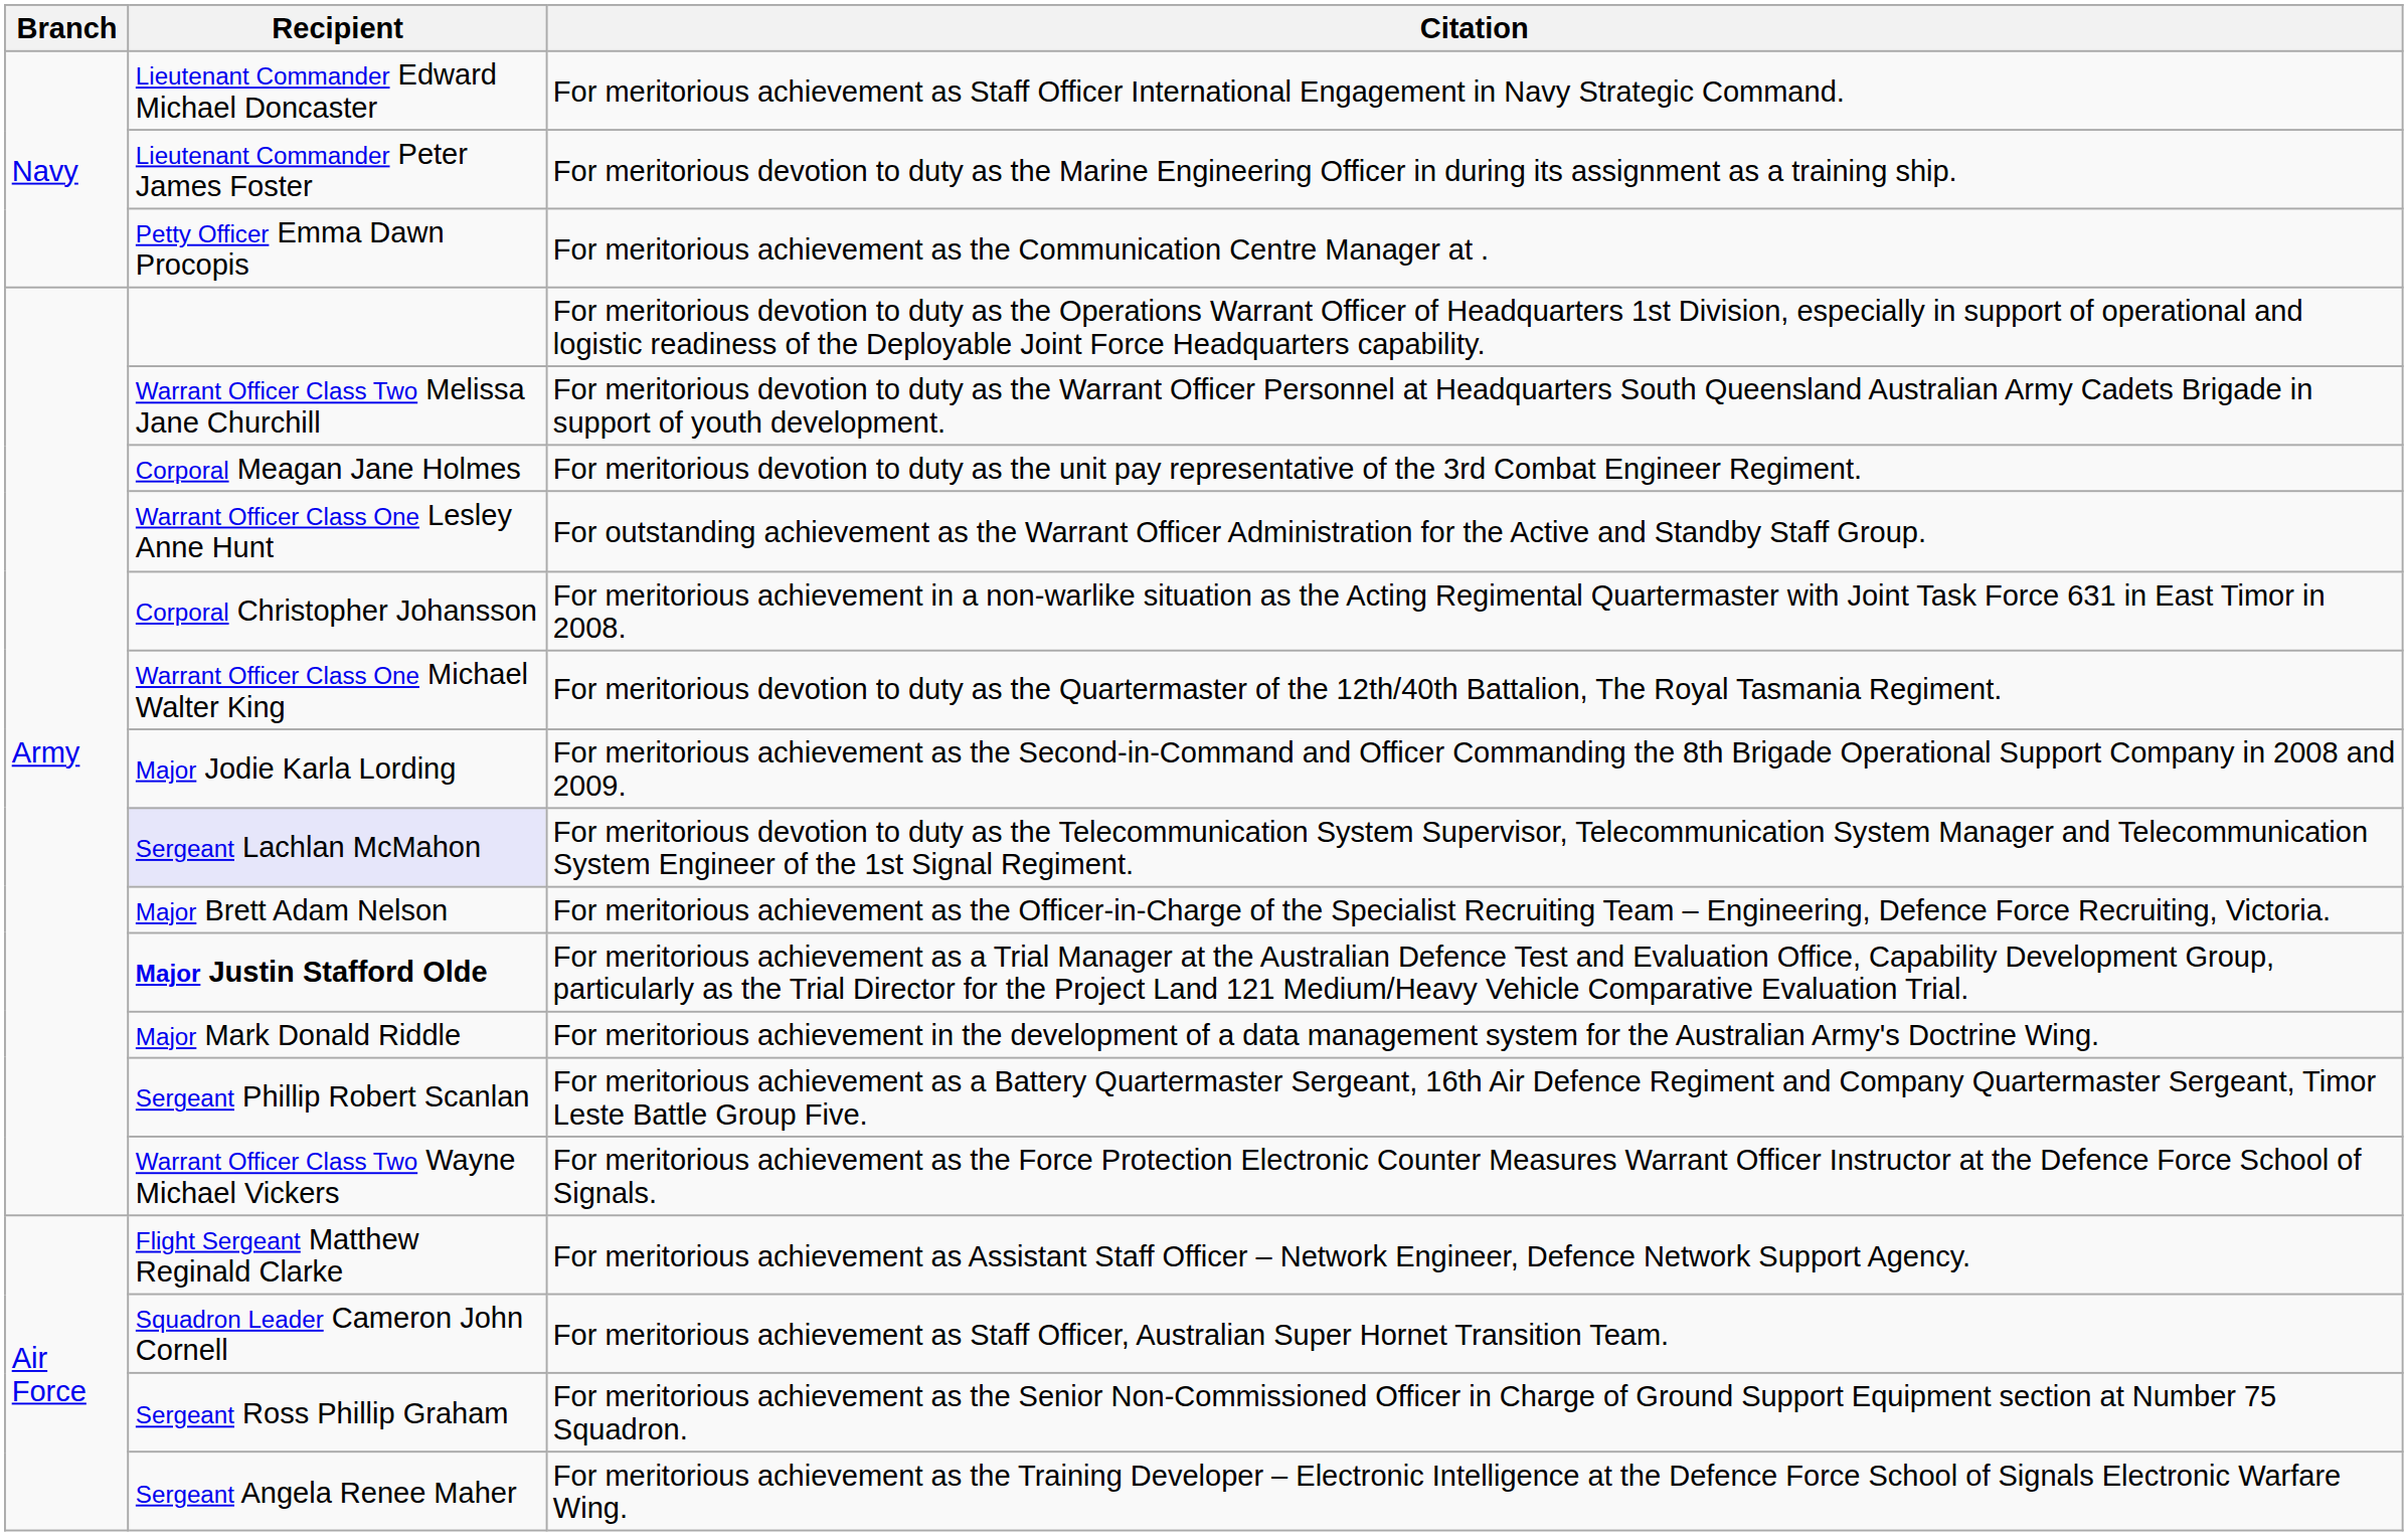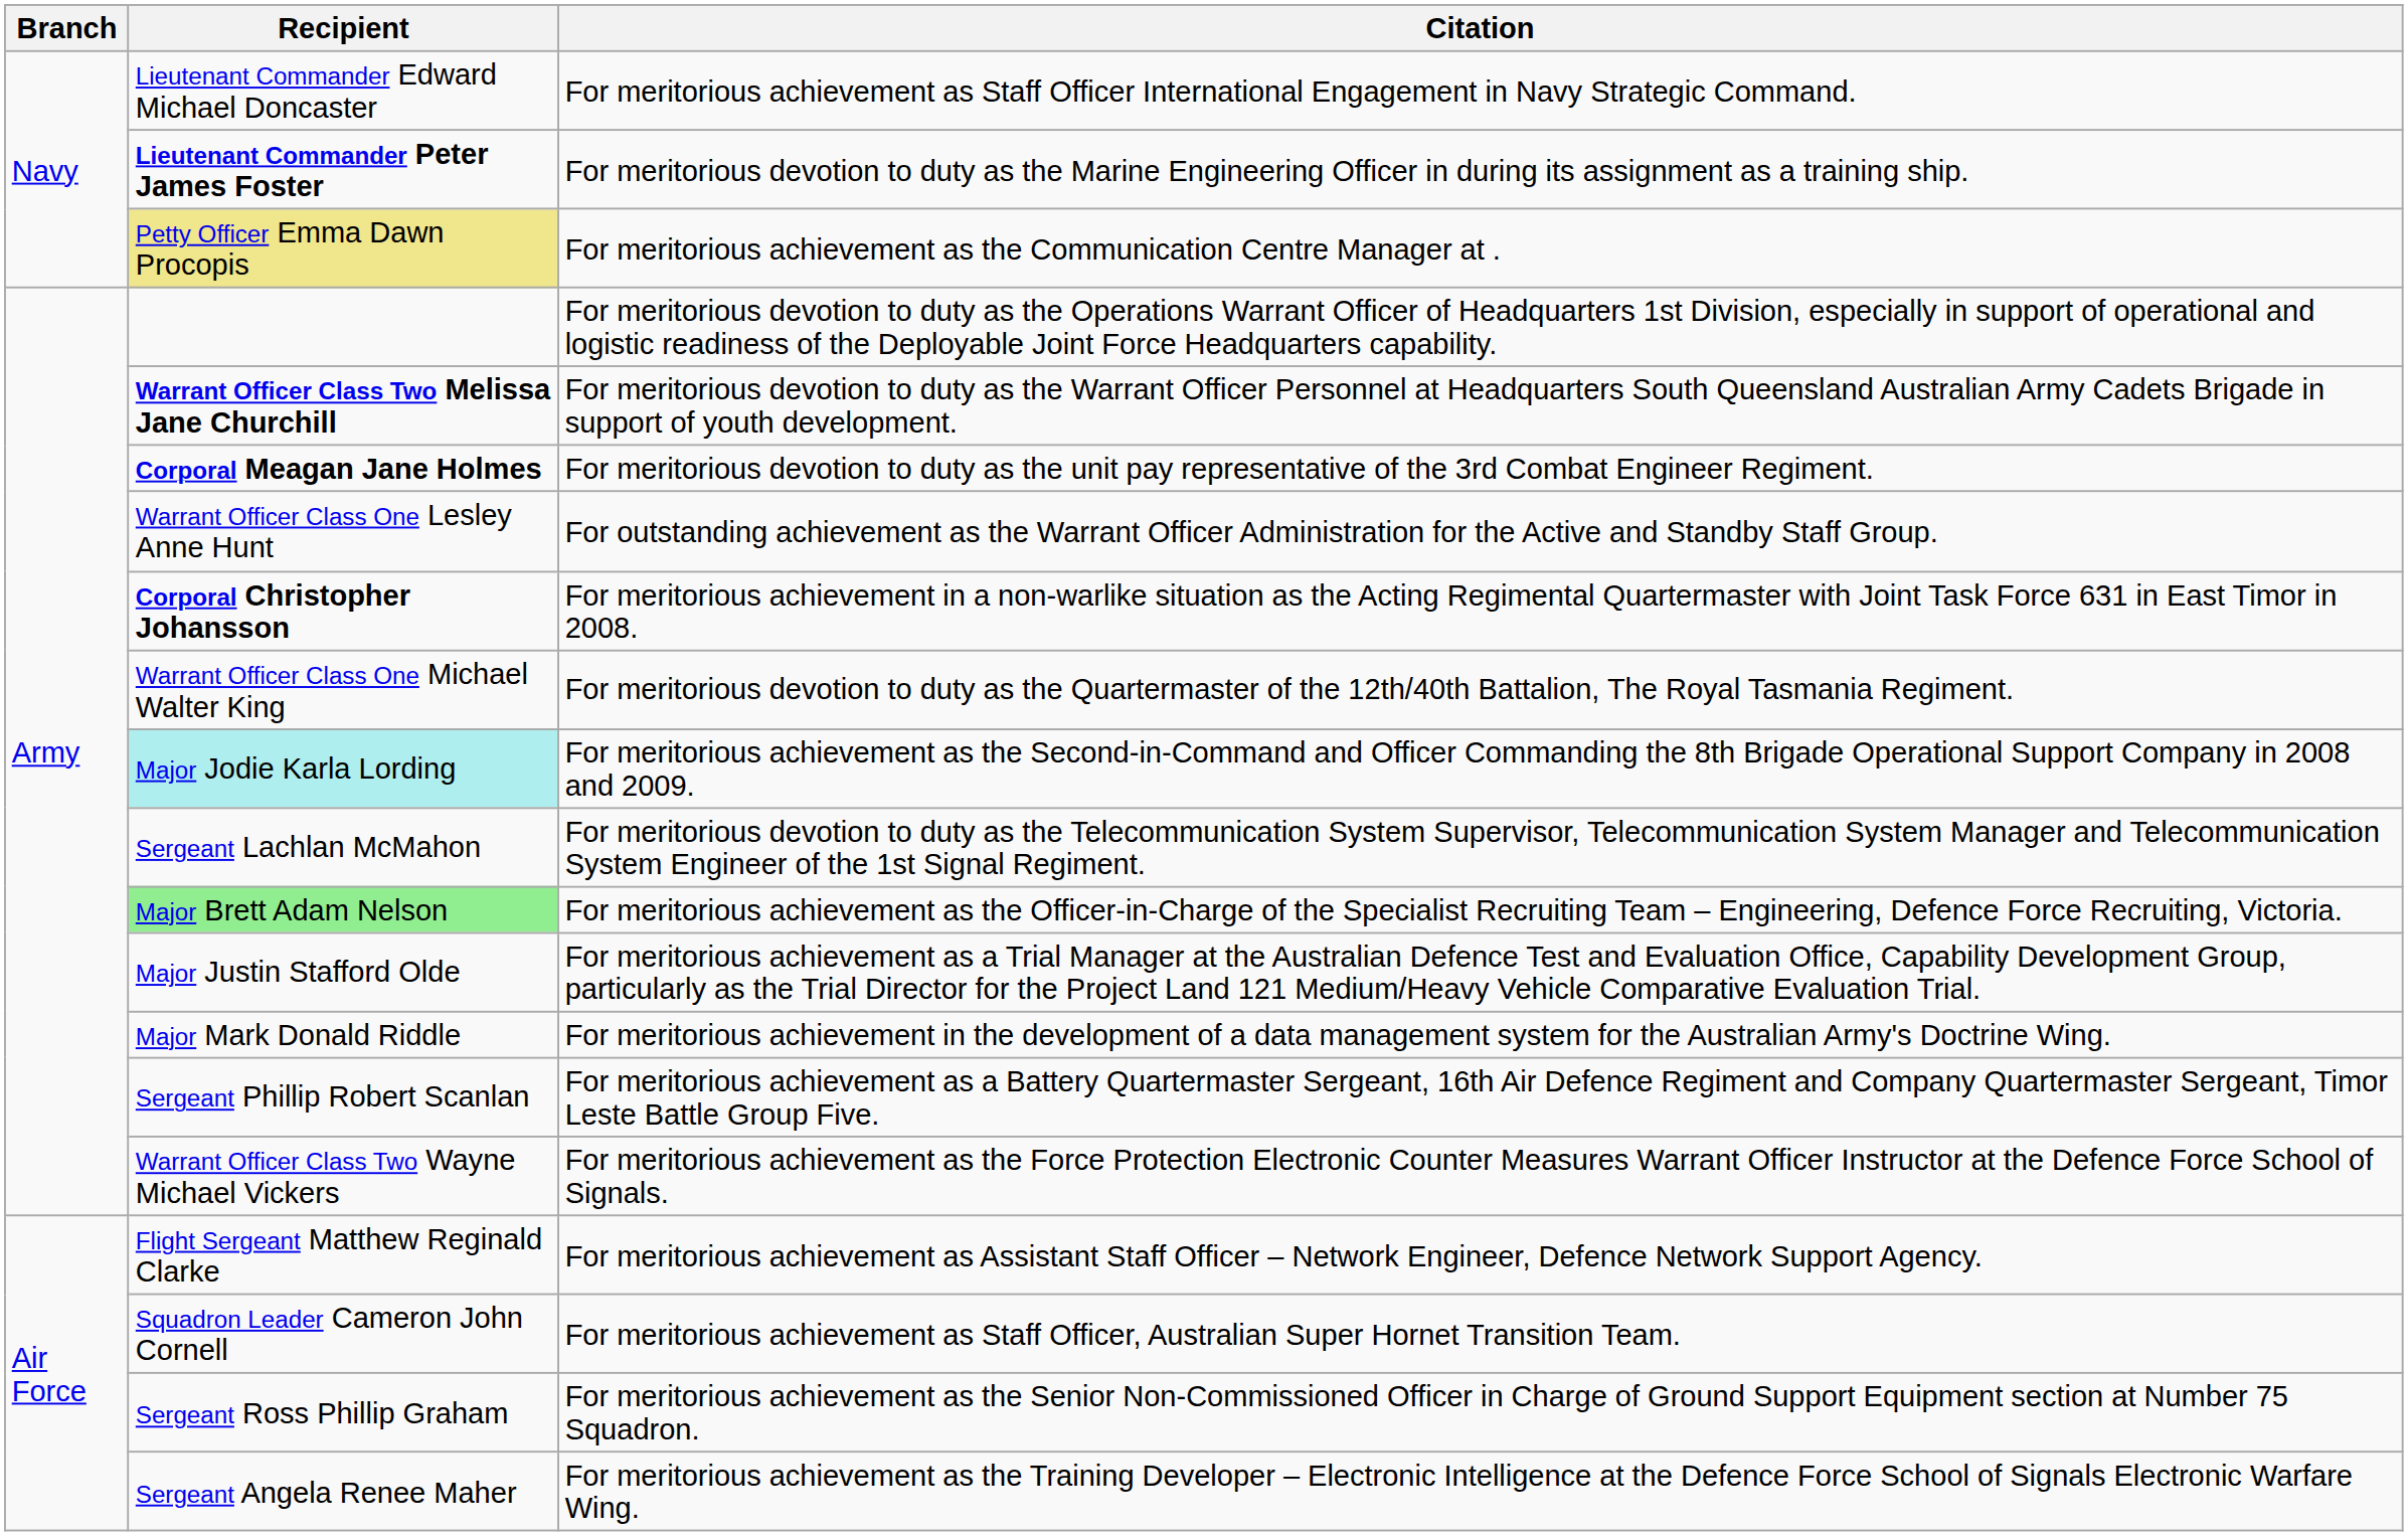 <table class="wikitable" style="font-size:95%;">
 <tr>
 <th>Branch</th>
 <th>Recipient</th>
 <th>Citation</th>
 </tr>
 <tr>
 <td rowspan="3"><a href='#'>Navy</a></td>
 <td><small><a href='#'>Lieutenant Commander</a></small> Edward Michael Doncaster </td>
 <td>For meritorious achievement as Staff Officer International Engagement in Navy Strategic Command.</td>
 </tr>
 <tr>
-<td><small><a href='#'>Lieutenant Commander</a></small> Peter James Foster </td>
+<td><strong><small><a href='#'>Lieutenant Commander</a></small> Peter James Foster </strong></td>
 <td>For meritorious devotion to duty as the Marine Engineering Officer in  during its assignment as a training ship.</td>
 </tr>
 <tr>
-<td><small><a href='#'>Petty Officer</a></small> Emma Dawn Procopis</td>
+<td style="background: khaki;"><small><a href='#'>Petty Officer</a></small> Emma Dawn Procopis</td>
 <td>For meritorious achievement as the Communication Centre Manager at .</td>
 </tr>
 <tr>
 <td rowspan="13"><a href='#'>Army</a></td>
 <td></td>
 <td>For meritorious devotion to duty as the Operations Warrant Officer of Headquarters 1st Division, especially in support of operational and logistic readiness of the Deployable Joint Force Headquarters capability.</td>
 </tr>
 <tr>
-<td><small><a href='#'>Warrant Officer Class Two</a></small> Melissa Jane Churchill</td>
+<td><strong><small><a href='#'>Warrant Officer Class Two</a></small> Melissa Jane Churchill</strong></td>
 <td>For meritorious devotion to duty as the Warrant Officer Personnel at Headquarters South Queensland Australian Army Cadets Brigade in support of youth development.</td>
 </tr>
 <tr>
-<td><small><a href='#'>Corporal</a></small> Meagan Jane Holmes</td>
+<td><strong><small><a href='#'>Corporal</a></small> Meagan Jane Holmes</strong></td>
 <td>For meritorious devotion to duty as the unit pay representative of the 3rd Combat Engineer Regiment.</td>
 </tr>
 <tr>
 <td><small><a href='#'>Warrant Officer Class One</a></small> Lesley Anne Hunt</td>
 <td>For outstanding achievement as the Warrant Officer Administration for the Active and Standby Staff Group.</td>
 </tr>
 <tr>
-<td><small><a href='#'>Corporal</a></small> Christopher Johansson</td>
+<td><strong><small><a href='#'>Corporal</a></small> Christopher Johansson</strong></td>
 <td>For meritorious achievement in a non-warlike situation as the Acting Regimental Quartermaster with Joint Task Force 631 in East Timor in 2008.</td>
 </tr>
 <tr>
 <td><small><a href='#'>Warrant Officer Class One</a></small> Michael Walter King</td>
 <td>For meritorious devotion to duty as the Quartermaster of the 12th/40th Battalion, The Royal Tasmania Regiment.</td>
 </tr>
 <tr>
-<td><small><a href='#'>Major</a></small> Jodie Karla Lording</td>
+<td style="background: paleturquoise;"><small><a href='#'>Major</a></small> Jodie Karla Lording</td>
 <td>For meritorious achievement as the Second-in-Command and Officer Commanding the 8th Brigade Operational Support Company in 2008 and 2009.</td>
 </tr>
 <tr>
-<td style="background: lavender;"><small><a href='#'>Sergeant</a></small> Lachlan McMahon</td>
+<td><small><a href='#'>Sergeant</a></small> Lachlan McMahon</td>
 <td>For meritorious devotion to duty as the Telecommunication System Supervisor, Telecommunication System Manager and Telecommunication System Engineer of the 1st Signal Regiment.</td>
 </tr>
 <tr>
-<td><small><a href='#'>Major</a></small> Brett Adam Nelson</td>
+<td style="background: lightgreen;"><small><a href='#'>Major</a></small> Brett Adam Nelson</td>
 <td>For meritorious achievement as the Officer-in-Charge of the Specialist Recruiting Team – Engineering, Defence Force Recruiting, Victoria.</td>
 </tr>
 <tr>
-<td><strong><small><a href='#'>Major</a></small> Justin Stafford Olde</strong></td>
+<td><small><a href='#'>Major</a></small> Justin Stafford Olde</td>
 <td>For meritorious achievement as a Trial Manager at the Australian Defence Test and Evaluation Office, Capability Development Group, particularly as the Trial Director for the Project Land 121 Medium/Heavy Vehicle Comparative Evaluation Trial.</td>
 </tr>
 <tr>
 <td><small><a href='#'>Major</a></small> Mark Donald Riddle</td>
 <td>For meritorious achievement in the development of a data management system for the Australian Army's Doctrine Wing.</td>
 </tr>
 <tr>
 <td><small><a href='#'>Sergeant</a></small> Phillip Robert Scanlan</td>
 <td>For meritorious achievement as a Battery Quartermaster Sergeant, 16th Air Defence Regiment and Company Quartermaster Sergeant, Timor Leste Battle Group Five.</td>
 </tr>
 <tr>
 <td><small><a href='#'>Warrant Officer Class Two</a></small> Wayne Michael Vickers</td>
 <td>For meritorious achievement as the Force Protection Electronic Counter Measures Warrant Officer Instructor at the Defence Force School of Signals.</td>
 </tr>
 <tr>
 <td rowspan="4"><a href='#'>Air Force</a></td>
 <td><small><a href='#'>Flight Sergeant</a></small> Matthew Reginald Clarke</td>
 <td>For meritorious achievement as Assistant Staff Officer – Network Engineer, Defence Network Support Agency.</td>
 </tr>
 <tr>
 <td><small><a href='#'>Squadron Leader</a></small> Cameron John Cornell</td>
 <td>For meritorious achievement as Staff Officer, Australian Super Hornet Transition Team.</td>
 </tr>
 <tr>
 <td><small><a href='#'>Sergeant</a></small> Ross Phillip Graham</td>
 <td>For meritorious achievement as the Senior Non-Commissioned Officer in Charge of Ground Support Equipment section at Number 75 Squadron.</td>
 </tr>
 <tr>
 <td><small><a href='#'>Sergeant</a></small> Angela Renee Maher</td>
 <td>For meritorious achievement as the Training Developer – Electronic Intelligence at the Defence Force School of Signals Electronic Warfare Wing.</td>
 </tr>
 </table>
